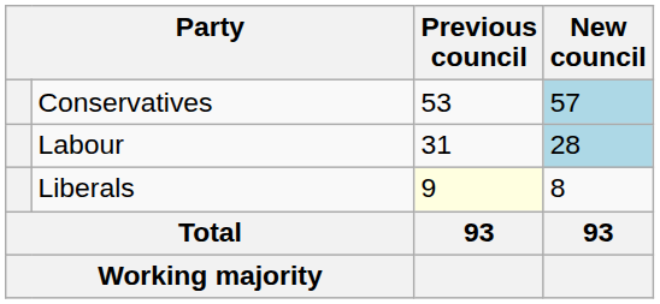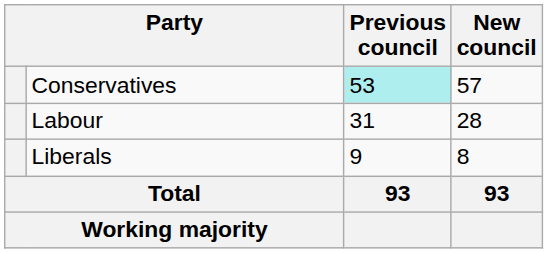 <table class="wikitable">
 <tr>
 <th valign=top colspan="2" style="width: 230px">Party</th>
 <th valign=top style="width: 30px">Previous council</th>
 <th valign=top style="width: 30px">New council</th>
 </tr>
 <tr>
 <th style="background-color: "></th>
 <td>Conservatives</td>
-<td>53</td>
-<td style="background: lightblue;">57</td>
+<td style="background: paleturquoise;">53</td>
+<td>57</td>
 </tr>
 <tr>
 <th style="background-color: "></th>
 <td>Labour</td>
 <td>31</td>
-<td style="background: lightblue;">28</td>
+<td>28</td>
 </tr>
 <tr>
 <th style="background-color: "></th>
 <td>Liberals</td>
-<td style="background: lightyellow;">9</td>
+<td>9</td>
 <td>8</td>
 </tr>
 <tr>
 <th colspan=2>Total</th>
 <th style="text-align: center">93</th>
 <th colspan=3>93</th>
 </tr>
 <tr>
 <th colspan=2>Working majority</th>
 <th></th>
 <th></th>
 </tr>
 </table>
